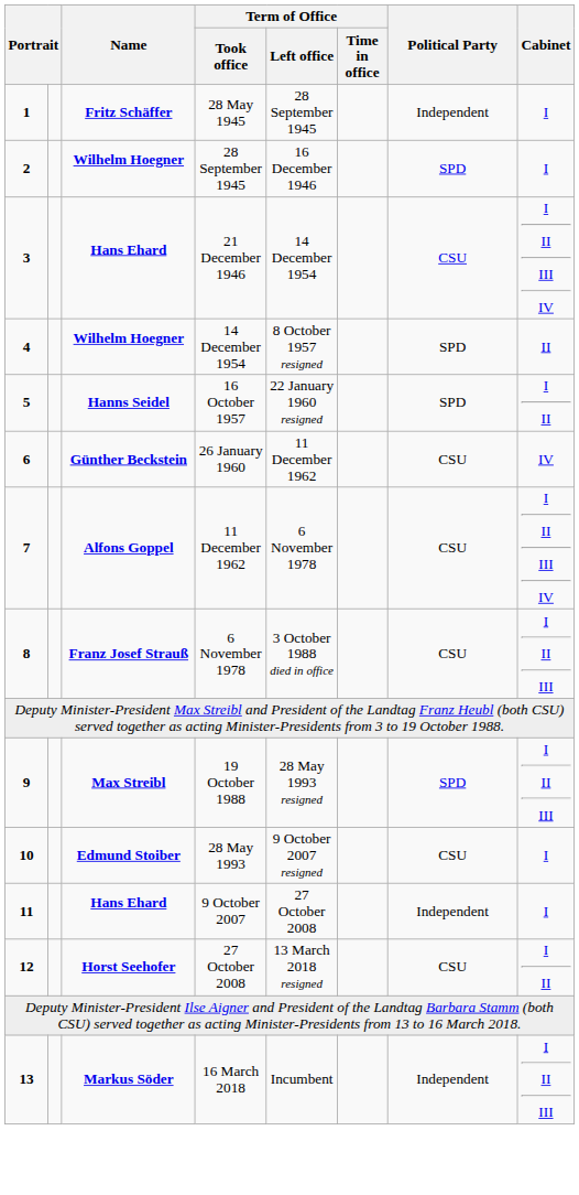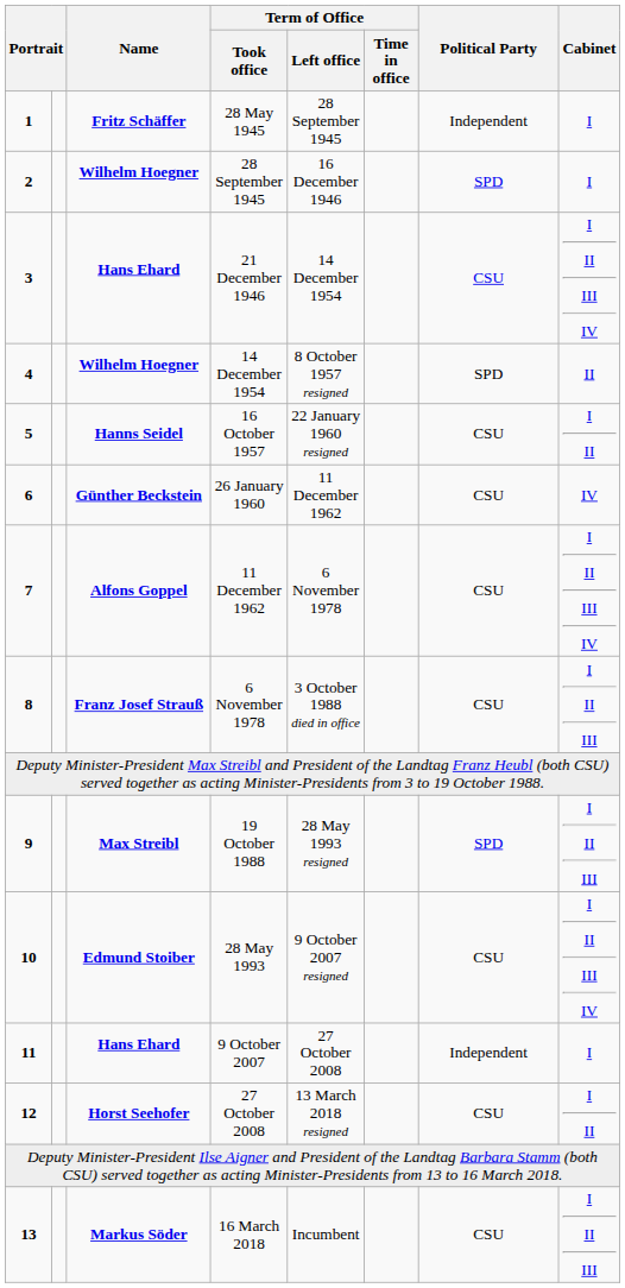 <table class="wikitable" style="text-align:center; width:100%; border:1px #AAAAFF solid">
 <tr>
 <th width=80px rowspan=2 colspan=2>Portrait</th>
 <th width=30% rowspan=2>Name<br></th>
 <th width=35% colspan=3>Term of Office</th>
 <th width=28% rowspan=2>Political Party</th>
 <th width=28% rowspan=2>Cabinet</th>
 </tr>
 <tr>
 <th>Took office</th>
 <th>Left office</th>
 <th>Time in office</th>
 </tr>
 <tr>
 <td style="background:"><strong>1</strong></td>
 <td></td>
 <td><strong><a href='#'>Fritz Schäffer</a></strong><br></td>
 <td>28 May 1945</td>
 <td>28 September 1945</td>
 <td></td>
 <td>Independent</td>
 <td><a href='#'>I</a></td>
 </tr>
 <tr>
 <td style="background:"><strong>2</strong></td>
 <td></td>
 <td><strong><a href='#'>Wilhelm Hoegner</a></strong><br><br></td>
 <td>28 September 1945</td>
 <td>16 December 1946</td>
 <td></td>
 <td><a href='#'>SPD</a></td>
 <td><a href='#'>I</a></td>
 </tr>
 <tr>
 <td style="background:"><strong>3</strong></td>
 <td></td>
 <td><strong><a href='#'>Hans Ehard</a></strong><br><br></td>
 <td>21 December 1946</td>
 <td>14 December 1954</td>
 <td></td>
 <td><a href='#'>CSU</a></td>
 <td><a href='#'>I</a><hr><a href='#'>II</a><hr><a href='#'>III</a><hr><a href='#'>IV</a></td>
 </tr>
 <tr>
 <td style="background:"><strong>4</strong></td>
 <td></td>
 <td><strong><a href='#'>Wilhelm Hoegner</a></strong><br><br></td>
 <td>14 December 1954</td>
 <td>8 October 1957<br><small><em>resigned</em></small></td>
 <td></td>
 <td>SPD</td>
 <td><a href='#'>II</a></td>
 </tr>
 <tr>
 <td style="background:"><strong>5</strong></td>
 <td></td>
 <td><strong><a href='#'>Hanns Seidel</a></strong><br></td>
 <td>16 October 1957</td>
 <td>22 January 1960<br><small><em>resigned</em></small></td>
 <td></td>
-<td>SPD</td>
+<td>CSU</td>
 <td><a href='#'>I</a><hr><a href='#'>II</a></td>
 </tr>
 <tr>
 <td style="background:"><strong>6</strong></td>
 <td></td>
 <td><strong><a href='#'>Günther Beckstein</a></strong><br></td>
 <td>26 January 1960</td>
 <td>11 December 1962</td>
 <td></td>
 <td>CSU</td>
 <td><a href='#'>IV</a></td>
 </tr>
 <tr>
 <td style="background:"><strong>7</strong></td>
 <td></td>
 <td><strong><a href='#'>Alfons Goppel</a></strong><br></td>
 <td>11 December 1962</td>
 <td>6 November 1978</td>
 <td></td>
 <td>CSU</td>
 <td><a href='#'>I</a><hr><a href='#'>II</a><hr><a href='#'>III</a><hr><a href='#'>IV</a></td>
 </tr>
 <tr>
 <td style="background:"><strong>8</strong></td>
 <td></td>
 <td><strong><a href='#'>Franz Josef Strauß</a></strong><br></td>
 <td>6 November 1978</td>
 <td>3 October 1988<br><small><em>died in office</em></small></td>
 <td></td>
 <td>CSU</td>
 <td><a href='#'>I</a><hr><a href='#'>II</a><hr><a href='#'>III</a></td>
 </tr>
 <tr>
 <td bgcolor=#EEEEEE colspan=10><em>Deputy Minister-President <a href='#'>Max Streibl</a> and President of the Landtag <a href='#'>Franz Heubl</a> (both CSU) served together as acting Minister-Presidents from 3 to 19 October 1988.</em></td>
 </tr>
 <tr>
 <td style="background:"><strong>9</strong></td>
 <td></td>
 <td><strong><a href='#'>Max Streibl</a></strong><br></td>
 <td>19 October 1988</td>
 <td>28 May 1993<br><small><em>resigned</em></small></td>
 <td></td>
 <td><a href='#'>SPD</a></td>
 <td><a href='#'>I</a><hr><a href='#'>II</a><hr><a href='#'>III</a></td>
 </tr>
 <tr>
 <td style="background:"><strong>10</strong></td>
 <td></td>
 <td><strong><a href='#'>Edmund Stoiber</a></strong><br></td>
 <td>28 May 1993</td>
 <td>9 October 2007<br><small><em>resigned</em></small></td>
 <td></td>
 <td>CSU</td>
-<td><a href='#'>I</a></td>
+<td><a href='#'>I</a><hr><a href='#'>II</a><hr><a href='#'>III</a><hr><a href='#'>IV</a></td>
 </tr>
 <tr>
 <td style="background:"><strong>11</strong></td>
 <td></td>
 <td><strong><a href='#'>Hans Ehard</a></strong><br><br></td>
 <td>9 October 2007</td>
 <td>27 October 2008</td>
 <td></td>
 <td>Independent</td>
 <td><a href='#'>I</a></td>
 </tr>
 <tr>
 <td style="background:"><strong>12</strong></td>
 <td></td>
 <td><strong><a href='#'>Horst Seehofer</a></strong><br></td>
 <td>27 October 2008</td>
 <td>13 March 2018<br><small><em>resigned</em></small></td>
 <td></td>
 <td>CSU</td>
 <td><a href='#'>I</a><hr><a href='#'>II</a></td>
 </tr>
 <tr>
 <td bgcolor=#EEEEEE colspan=10><em>Deputy Minister-President <a href='#'>Ilse Aigner</a> and President of the Landtag <a href='#'>Barbara Stamm</a> (both CSU) served together as acting Minister-Presidents from 13 to 16 March 2018.</em></td>
 </tr>
 <tr>
 <td style="background:"><strong>13</strong></td>
 <td></td>
 <td><strong><a href='#'>Markus Söder</a></strong><br></td>
 <td>16 March 2018</td>
 <td>Incumbent</td>
 <td></td>
-<td>Independent</td>
+<td>CSU</td>
 <td><a href='#'>I</a><hr><a href='#'>II</a><hr><a href='#'>III</a></td>
 </tr>
 </table>
